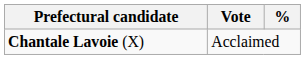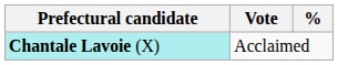 <table class="wikitable">
 <tr>
 <th bgcolor="#DDDDFF" width="200px">Prefectural candidate</th>
 <th bgcolor="#DDDDFF" width="50px">Vote</th>
 <th bgcolor="#DDDDFF" width="30px">%</th>
 </tr>
 <tr>
-<td><strong>Chantale Lavoie</strong> (X)</td>
+<td style="background: paleturquoise;"><strong>Chantale Lavoie</strong> (X)</td>
 <td colspan="2">Acclaimed</td>
 </tr>
 </table>
